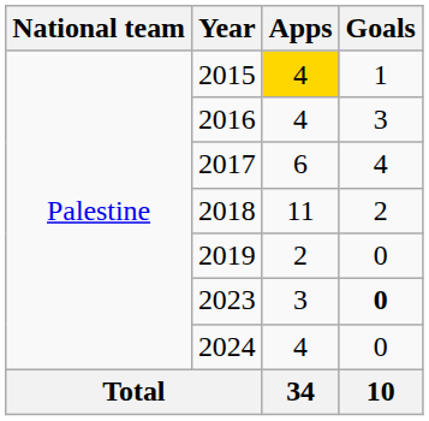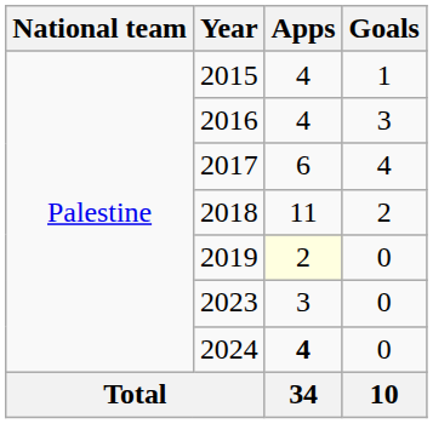 <table class="wikitable" style="text-align: center;">
 <tr>
 <th>National team</th>
 <th>Year</th>
 <th>Apps</th>
 <th>Goals</th>
 </tr>
 <tr>
 <td rowspan="7"><a href='#'>Palestine</a></td>
 <td>2015</td>
-<td style="background: gold;">4</td>
+<td>4</td>
 <td>1</td>
 </tr>
 <tr>
 <td>2016</td>
 <td>4</td>
 <td>3</td>
 </tr>
 <tr>
 <td>2017</td>
 <td>6</td>
 <td>4</td>
 </tr>
 <tr>
 <td>2018</td>
 <td>11</td>
 <td>2</td>
 </tr>
 <tr>
 <td>2019</td>
-<td>2</td>
+<td style="background: lightyellow;">2</td>
 <td>0</td>
 </tr>
 <tr>
 <td>2023</td>
 <td>3</td>
-<td><strong>0</strong></td>
+<td>0</td>
 </tr>
 <tr>
 <td>2024</td>
-<td>4</td>
+<td><strong>4</strong></td>
 <td>0</td>
 </tr>
 <tr>
 <th colspan="2">Total</th>
 <th>34</th>
 <th>10</th>
 </tr>
 </table>
